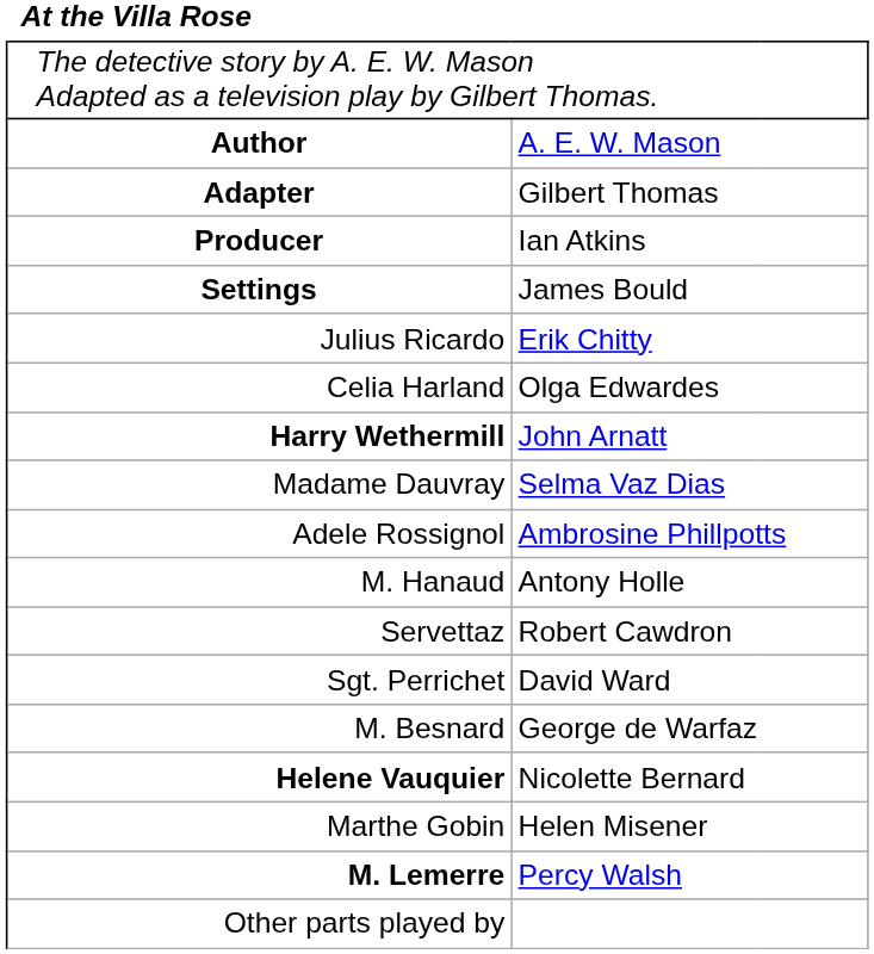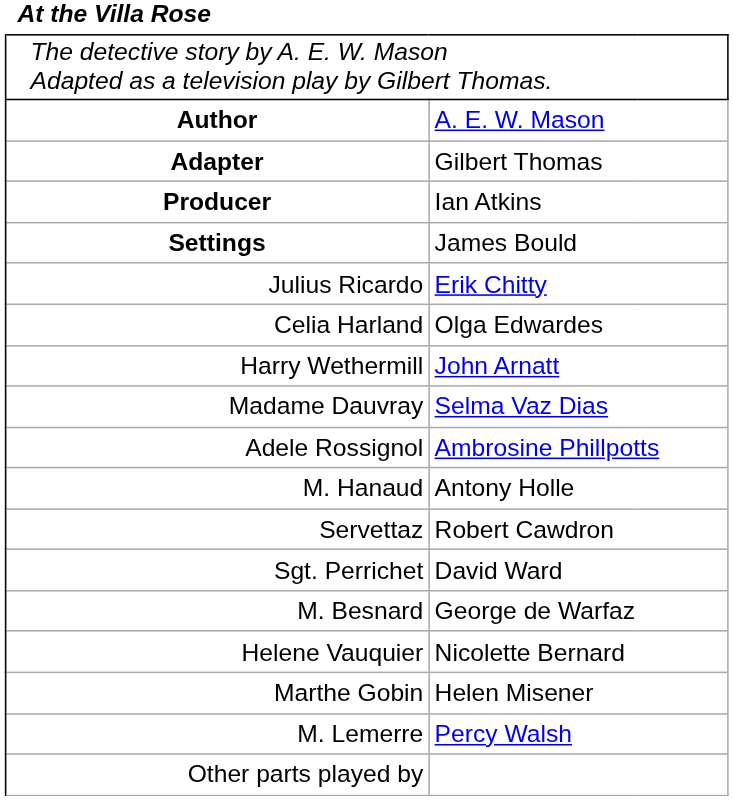 <table class="wikitable mw-collapsible mw-collapsed" style="vertical-align:top;margin:auto 2em;line-height:1.2;max-width:33em;background-color:inherit;border:none;">
 <tr>
 <td class=unsortable style="border:hidden;line-height:1.67;margin-left:-1em;text-align:center;padding-left:0.5em;min-width:1.0em;"></td>
 <td class=unsortable style="border-style:none;padding-left:0.5em;text-align:left;min-width:16.5em;font-weight:700;font-style:italic;">At the Villa Rose</td>
 <td class=unsortable style="border:none;text-align:right;font-weight:normal; font-size:95%; min-width:8.5em;padding-right:0.2em;"></td>
 <td class=unsortable style="border:none;min-width:3.5em;padding-left:0;"></td>
 <td class=unsortable style="border:hidden;min-width:3.5em;font-size:95%;"></td>
 </tr>
 <tr>
 <td rowspan=100 style="border:none thin;border-right-style :solid;"></td>
 <td colspan=3 style="text-align:left;padding:0.1em 1em;font-style:italic;border: solid thin;">The detective story by A. E. W. Mason<br>Adapted as a television play by Gilbert Thomas.</td>
 </tr>
 <tr>
 <td style="text-align:center;font-weight:bold;">Author</td>
 <td colspan=2><a href='#'>A. E. W. Mason</a></td>
 </tr>
 <tr>
 <td style="text-align:center;font-weight:bold;">Adapter</td>
 <td colspan=2>Gilbert Thomas</td>
 </tr>
 <tr>
 <td style="text-align:center;font-weight:bold;">Producer</td>
 <td colspan=2>Ian Atkins</td>
 </tr>
 <tr>
 <td style="text-align:center;font-weight:bold;">Settings</td>
 <td colspan=2>James Bould</td>
 </tr>
 <tr>
 <td style="text-align:right;">Julius Ricardo</td>
 <td colspan=2><a href='#'>Erik Chitty</a></td>
 </tr>
 <tr>
 <td style="text-align:right;">Celia Harland</td>
 <td colspan=2>Olga Edwardes</td>
 </tr>
 <tr>
-<td style="text-align:right;"><strong>Harry Wethermill</strong></td>
+<td style="text-align:right;">Harry Wethermill</td>
 <td colspan=2><a href='#'>John Arnatt</a></td>
 </tr>
 <tr>
 <td style="text-align:right;">Madame Dauvray</td>
 <td colspan=2><a href='#'>Selma Vaz Dias</a></td>
 </tr>
 <tr>
 <td style="text-align:right;">Adele Rossignol</td>
 <td colspan=2><a href='#'>Ambrosine Phillpotts</a></td>
 </tr>
 <tr>
 <td style="text-align:right;">M. Hanaud</td>
 <td colspan=2>Antony Holle</td>
 </tr>
 <tr>
 <td style="text-align:right;">Servettaz</td>
 <td colspan=2>Robert Cawdron</td>
 </tr>
 <tr>
 <td style="text-align:right;">Sgt. Perrichet</td>
 <td colspan=2>David Ward</td>
 </tr>
 <tr>
 <td style="text-align:right;">M. Besnard</td>
 <td colspan=2>George de Warfaz</td>
 </tr>
 <tr>
-<td style="text-align:right;"><strong>Helene Vauquier</strong></td>
+<td style="text-align:right;">Helene Vauquier</td>
 <td colspan=2>Nicolette Bernard</td>
 </tr>
 <tr>
 <td style="text-align:right;">Marthe Gobin</td>
 <td colspan=2>Helen Misener</td>
 </tr>
 <tr>
-<td style="text-align:right;"><strong>M. Lemerre</strong></td>
+<td style="text-align:right;">M. Lemerre</td>
 <td colspan=2><a href='#'>Percy Walsh</a></td>
 </tr>
 <tr>
 <td style="text-align:right;vertical-align:middle;">Other parts played by</td>
 <td colspan=2></td>
 </tr>
 </table>
